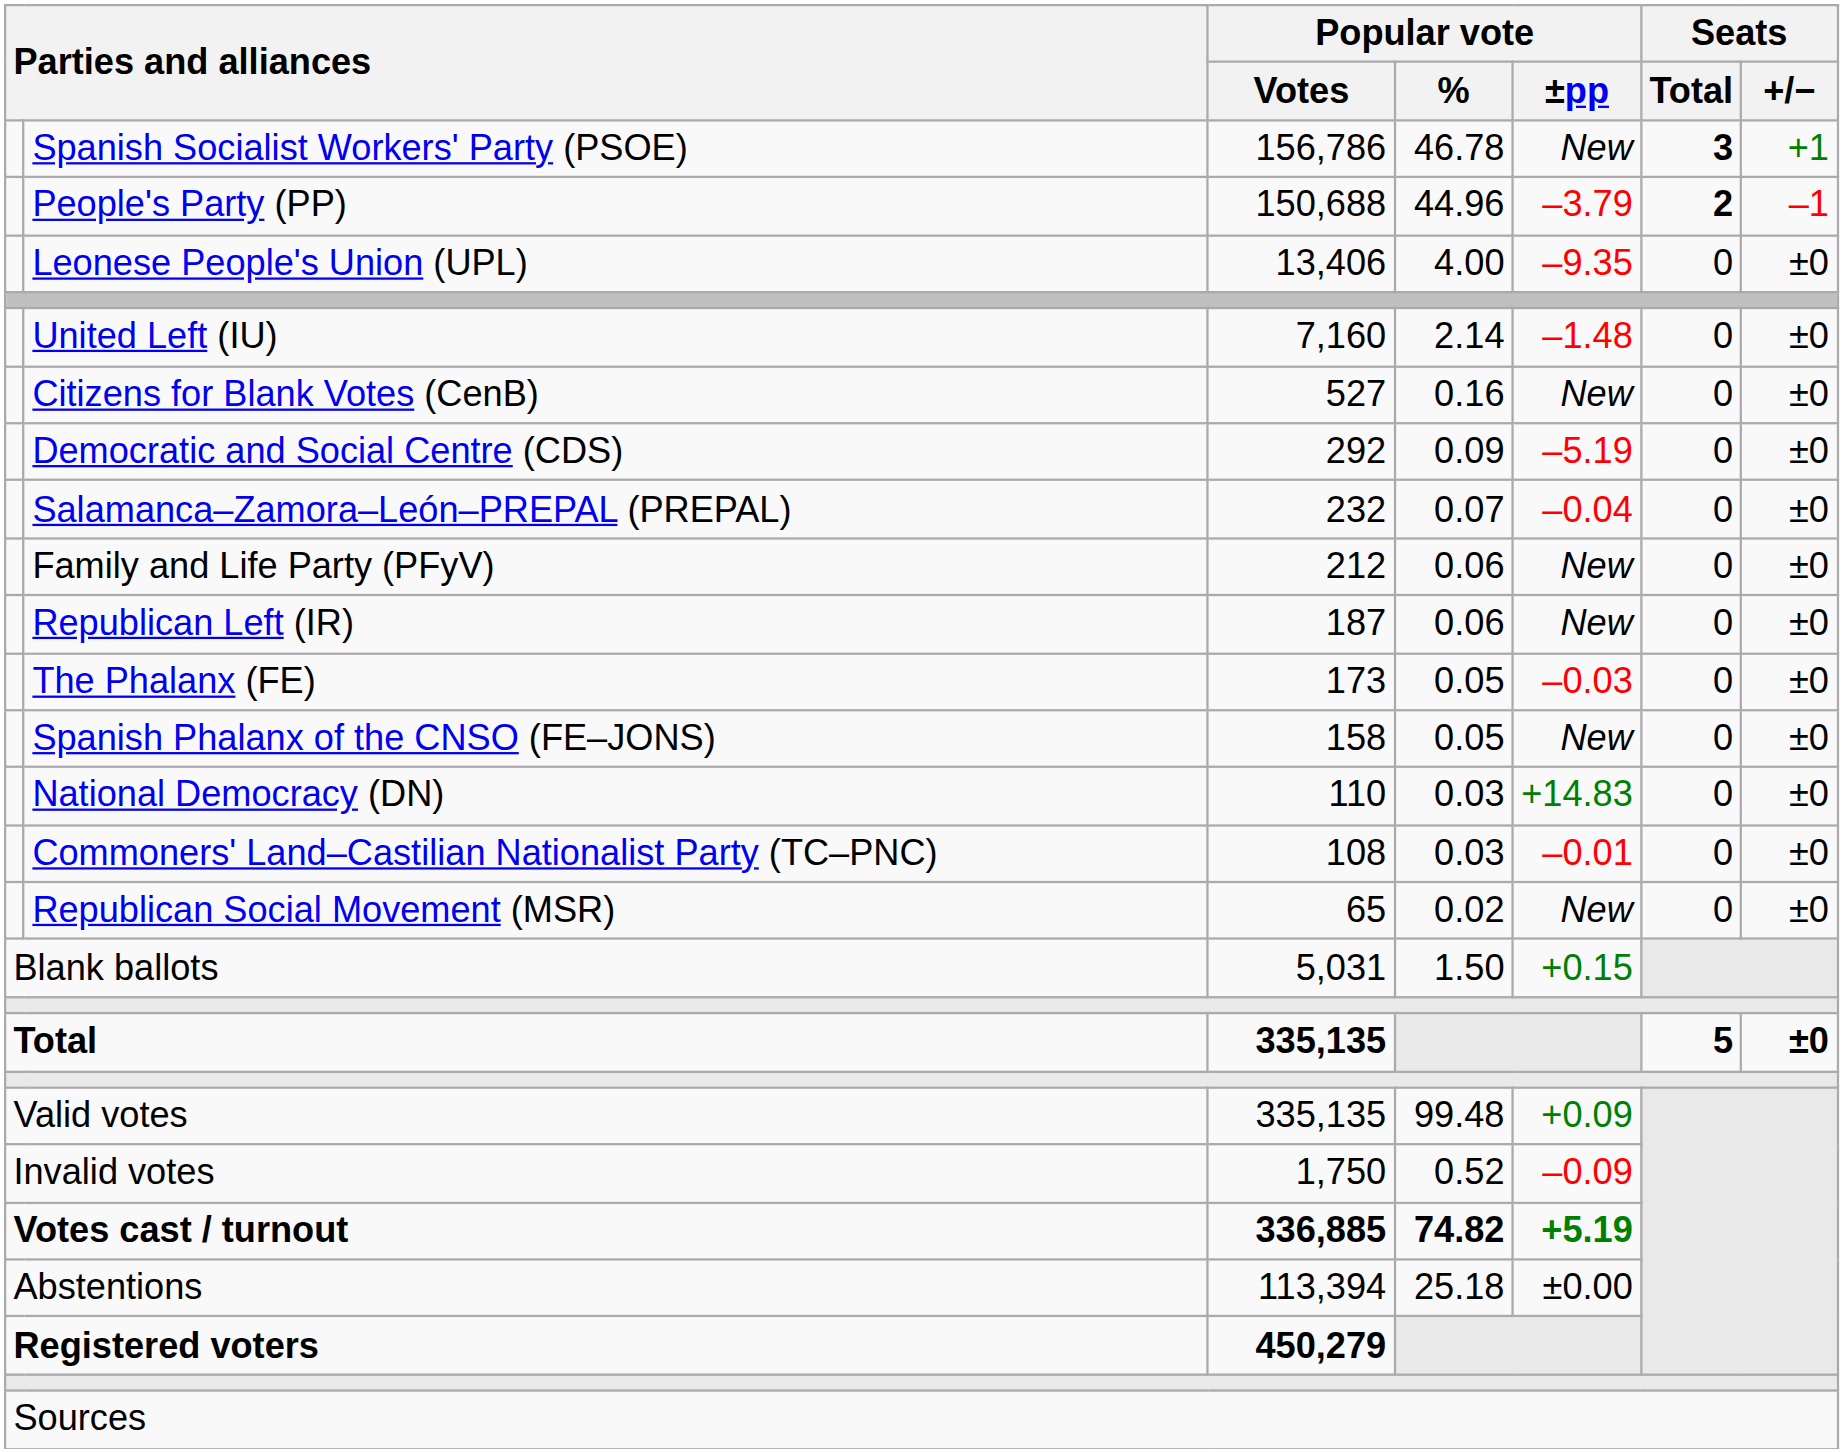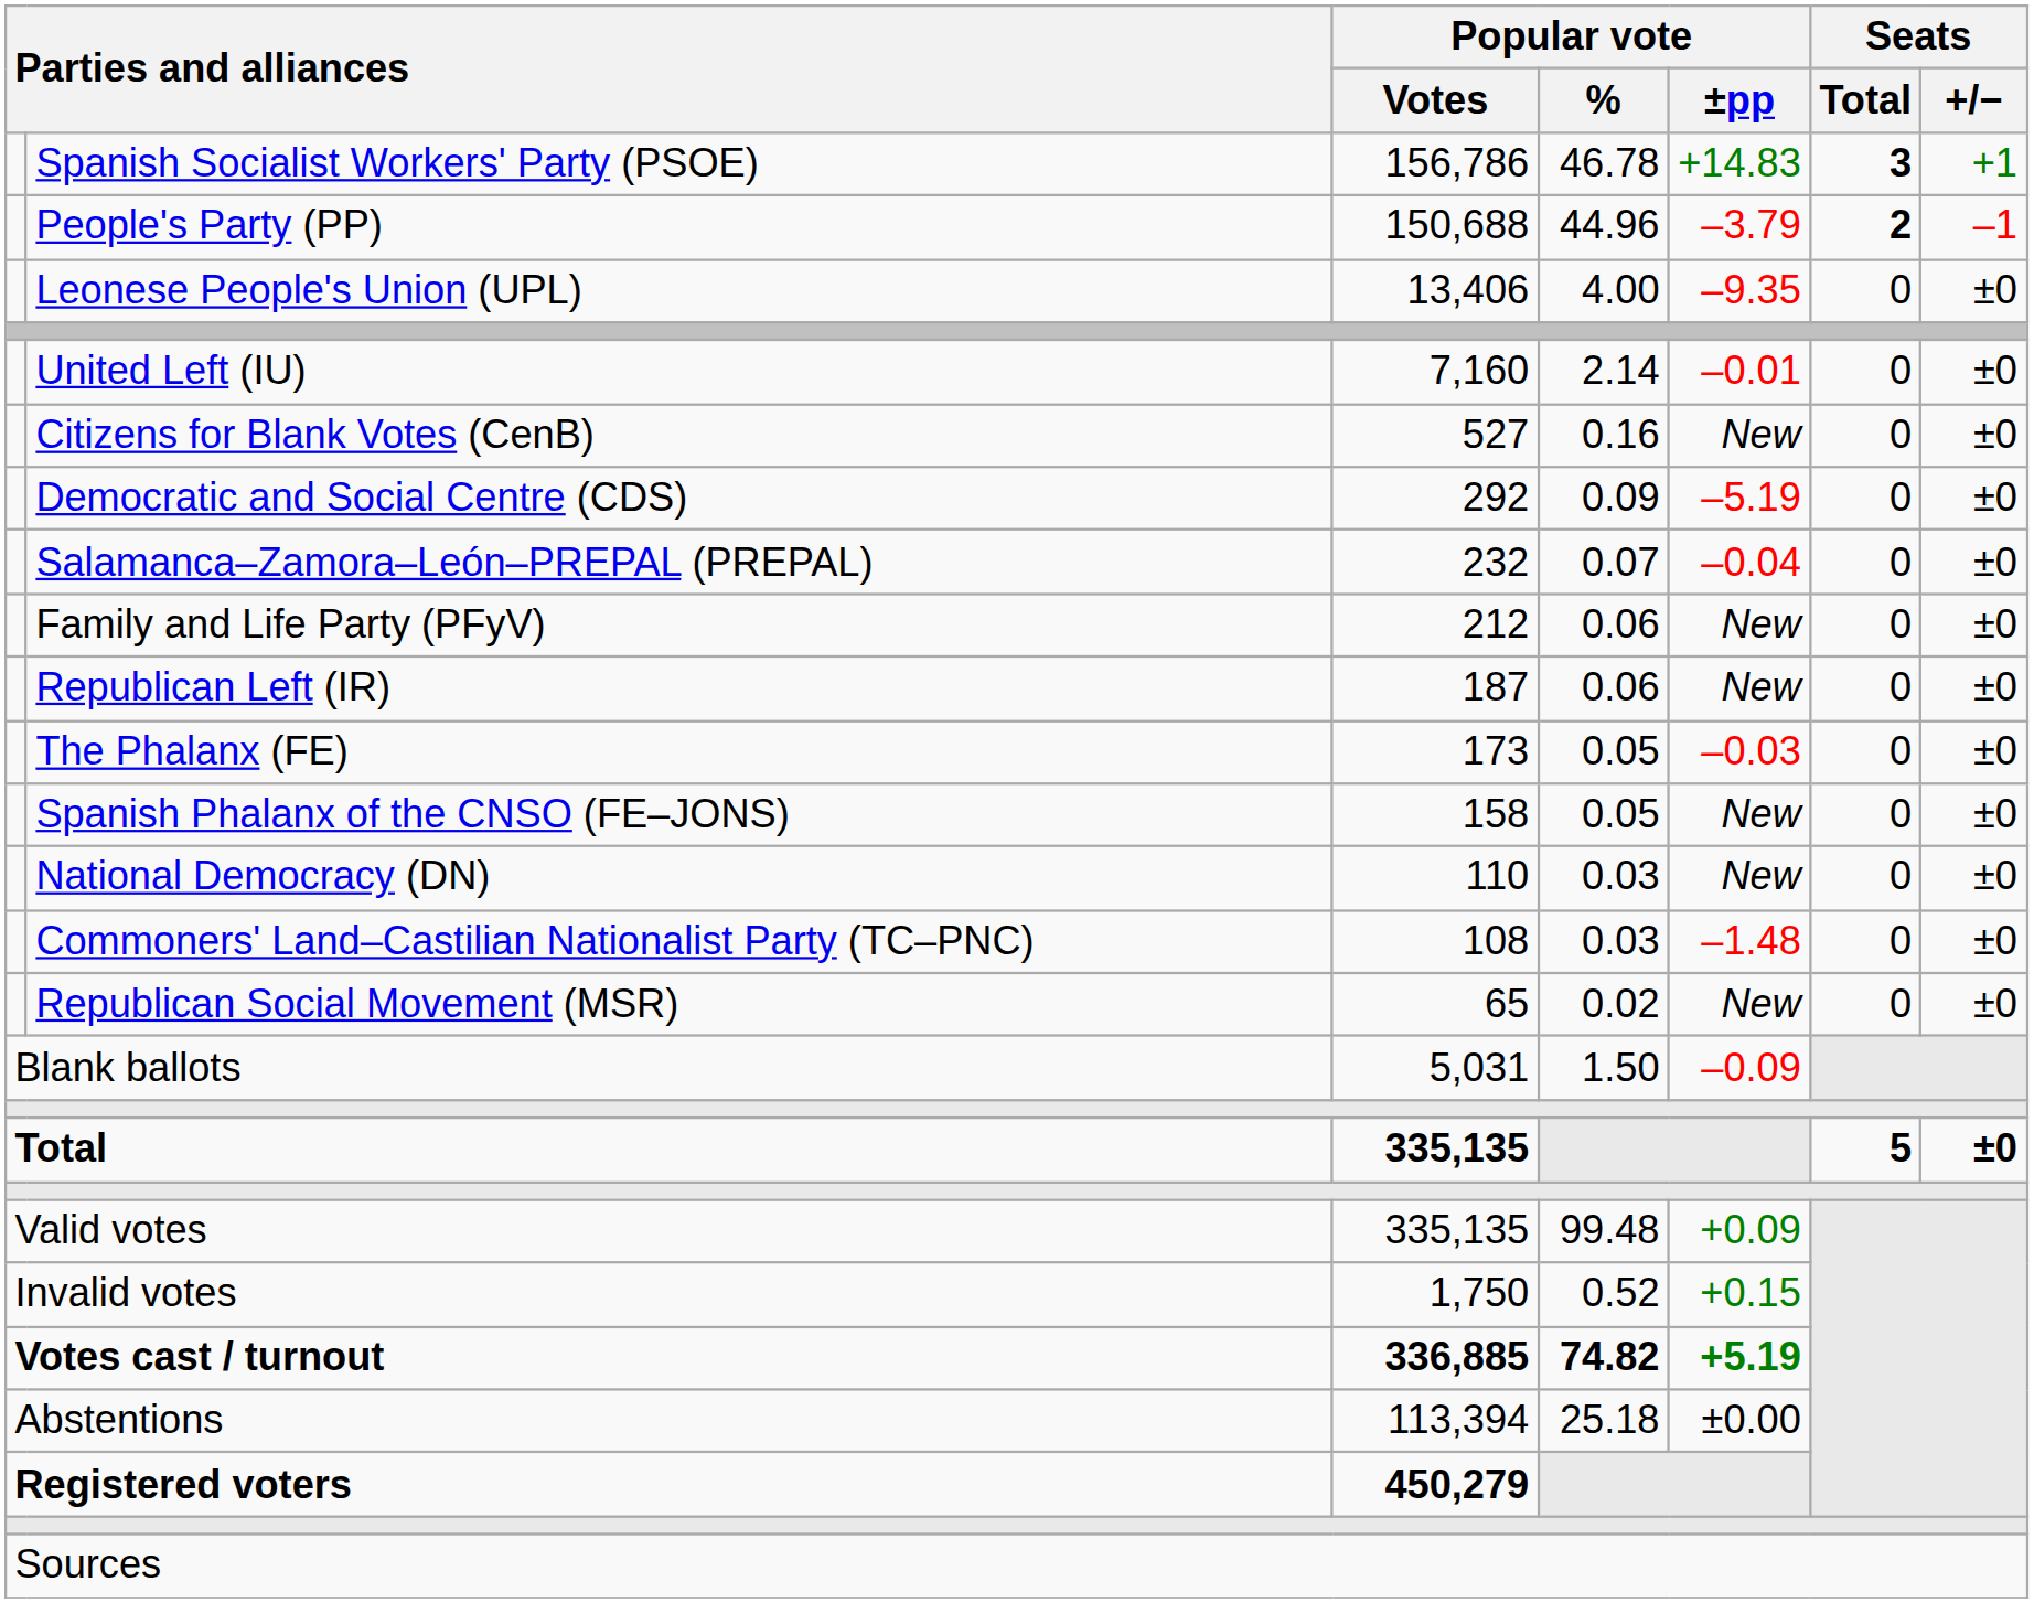 <table class="wikitable" style="text-align:right;">
 <tr>
 <th style="text-align:left;" rowspan="2" colspan="2" width="525">Parties and alliances</th>
 <th colspan="3">Popular vote</th>
 <th colspan="2">Seats</th>
 </tr>
 <tr>
 <th width="75">Votes</th>
 <th width="45">%</th>
 <th width="45">±<a href='#'>pp</a></th>
 <th width="35">Total</th>
 <th width="35">+/−</th>
 </tr>
 <tr>
 <td width="1" style="color:inherit;background:"></td>
 <td align="left"><a href='#'>Spanish Socialist Workers' Party</a> (PSOE)</td>
 <td>156,786</td>
 <td>46.78</td>
-<td><em>New</em></td>
+<td style="color:green;">+14.83</td>
 <td><strong>3</strong></td>
 <td style="color:green;">+1</td>
 </tr>
 <tr>
 <td style="color:inherit;background:"></td>
 <td align="left"><a href='#'>People's Party</a> (PP)</td>
 <td>150,688</td>
 <td>44.96</td>
 <td style="color:red;">–3.79</td>
 <td><strong>2</strong></td>
 <td style="color:red;">–1</td>
 </tr>
 <tr>
 <td style="color:inherit;background:"></td>
 <td align="left"><a href='#'>Leonese People's Union</a> (UPL)</td>
 <td>13,406</td>
 <td>4.00</td>
 <td style="color:red;">–9.35</td>
 <td>0</td>
 <td>±0</td>
 </tr>
 <tr>
 <td colspan="7" bgcolor="#C0C0C0"></td>
 </tr>
 <tr>
 <td style="color:inherit;background:"></td>
 <td align="left"><a href='#'>United Left</a> (IU)</td>
 <td>7,160</td>
 <td>2.14</td>
-<td style="color:red;">–1.48</td>
+<td style="color:red;">–0.01</td>
 <td>0</td>
 <td>±0</td>
 </tr>
 <tr>
 <td style="color:inherit;background:"></td>
 <td align="left"><a href='#'>Citizens for Blank Votes</a> (CenB)</td>
 <td>527</td>
 <td>0.16</td>
 <td><em>New</em></td>
 <td>0</td>
 <td>±0</td>
 </tr>
 <tr>
 <td style="color:inherit;background:"></td>
 <td align="left"><a href='#'>Democratic and Social Centre</a> (CDS)</td>
 <td>292</td>
 <td>0.09</td>
 <td style="color:red;">–5.19</td>
 <td>0</td>
 <td>±0</td>
 </tr>
 <tr>
 <td style="color:inherit;background:"></td>
 <td align="left"><a href='#'>Salamanca–Zamora–León–PREPAL</a> (PREPAL)</td>
 <td>232</td>
 <td>0.07</td>
 <td style="color:red;">–0.04</td>
 <td>0</td>
 <td>±0</td>
 </tr>
 <tr>
 <td style="color:inherit;background:"></td>
 <td align="left">Family and Life Party (PFyV)</td>
 <td>212</td>
 <td>0.06</td>
 <td><em>New</em></td>
 <td>0</td>
 <td>±0</td>
 </tr>
 <tr>
 <td style="color:inherit;background:"></td>
 <td align="left"><a href='#'>Republican Left</a> (IR)</td>
 <td>187</td>
 <td>0.06</td>
 <td><em>New</em></td>
 <td>0</td>
 <td>±0</td>
 </tr>
 <tr>
 <td style="color:inherit;background:"></td>
 <td align="left"><a href='#'>The Phalanx</a> (FE)</td>
 <td>173</td>
 <td>0.05</td>
 <td style="color:red;">–0.03</td>
 <td>0</td>
 <td>±0</td>
 </tr>
 <tr>
 <td style="color:inherit;background:"></td>
 <td align="left"><a href='#'>Spanish Phalanx of the CNSO</a> (FE–JONS)</td>
 <td>158</td>
 <td>0.05</td>
 <td><em>New</em></td>
 <td>0</td>
 <td>±0</td>
 </tr>
 <tr>
 <td style="color:inherit;background:"></td>
 <td align="left"><a href='#'>National Democracy</a> (DN)</td>
 <td>110</td>
 <td>0.03</td>
-<td style="color:green;">+14.83</td>
+<td><em>New</em></td>
 <td>0</td>
 <td>±0</td>
 </tr>
 <tr>
 <td style="color:inherit;background:"></td>
 <td align="left"><a href='#'>Commoners' Land–Castilian Nationalist Party</a> (TC–PNC)</td>
 <td>108</td>
 <td>0.03</td>
-<td style="color:red;">–0.01</td>
+<td style="color:red;">–1.48</td>
 <td>0</td>
 <td>±0</td>
 </tr>
 <tr>
 <td style="color:inherit;background:"></td>
 <td align="left"><a href='#'>Republican Social Movement</a> (MSR)</td>
 <td>65</td>
 <td>0.02</td>
 <td><em>New</em></td>
 <td>0</td>
 <td>±0</td>
 </tr>
 <tr>
 <td align="left" colspan="2">Blank ballots</td>
 <td>5,031</td>
 <td>1.50</td>
-<td style="color:green;">+0.15</td>
+<td style="color:red;">–0.09</td>
 <td bgcolor="#E9E9E9" colspan="2"></td>
 </tr>
 <tr>
 <td colspan="7" bgcolor="#E9E9E9"></td>
 </tr>
 <tr style="font-weight:bold;">
 <td align="left" colspan="2">Total</td>
 <td>335,135</td>
 <td bgcolor="#E9E9E9" colspan="2"></td>
 <td>5</td>
 <td>±0</td>
 </tr>
 <tr>
 <td colspan="7" bgcolor="#E9E9E9"></td>
 </tr>
 <tr>
 <td align="left" colspan="2">Valid votes</td>
 <td>335,135</td>
 <td>99.48</td>
 <td style="color:green;">+0.09</td>
 <td bgcolor="#E9E9E9" colspan="2" rowspan="5"></td>
 </tr>
 <tr>
 <td align="left" colspan="2">Invalid votes</td>
 <td>1,750</td>
 <td>0.52</td>
-<td style="color:red;">–0.09</td>
+<td style="color:green;">+0.15</td>
 </tr>
 <tr style="font-weight:bold;">
 <td align="left" colspan="2">Votes cast / turnout</td>
 <td>336,885</td>
 <td>74.82</td>
 <td style="color:green;">+5.19</td>
 </tr>
 <tr>
 <td align="left" colspan="2">Abstentions</td>
 <td>113,394</td>
 <td>25.18</td>
 <td>±0.00</td>
 </tr>
 <tr style="font-weight:bold;">
 <td align="left" colspan="2">Registered voters</td>
 <td>450,279</td>
 <td bgcolor="#E9E9E9" colspan="2"></td>
 </tr>
 <tr>
 <td colspan="7" bgcolor="#E9E9E9"></td>
 </tr>
 <tr>
 <td align="left" colspan="7">Sources</td>
 </tr>
 </table>
